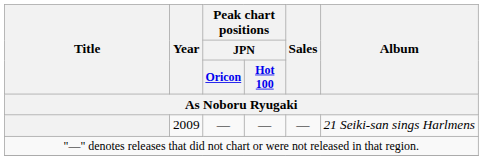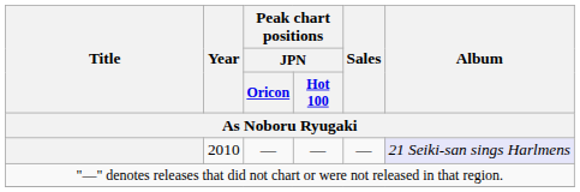 <table class="wikitable plainrowheaders" style="text-align:center;">
 <tr>
 <th scope="col" rowspan="3" style="width:12em;">Title</th>
 <th scope="col" rowspan="3">Year</th>
 <th scope="col" colspan="2">Peak chart positions</th>
 <th scope="col" rowspan="3">Sales</th>
 <th scope="col" rowspan="3">Album</th>
 </tr>
 <tr>
 <th scope="col" style="width:3em;font-size:90%;" colspan="2">JPN</th>
 </tr>
 <tr>
 <th scope="col" style="width:3em;font-size:90%;"><a href='#'>Oricon</a></th>
 <th scope="col" style="width:3em;font-size:90%;"><a href='#'>Hot 100</a></th>
 </tr>
 <tr>
 <th scope="col" colspan="6">As Noboru Ryugaki</th>
 </tr>
 <tr>
 <th scope="row"><br></th>
-<td>2009</td>
+<td>2010</td>
 <td>—</td>
 <td>—</td>
 <td>—</td>
-<td><em>21 Seiki-san sings Harlmens</em></td>
+<td style="background: lavender;"><em>21 Seiki-san sings Harlmens</em></td>
 </tr>
 <tr>
 <td colspan="6" style="font-size:90%;">"—" denotes releases that did not chart or were not released in that region.</td>
 </tr>
 <tr>
 </tr>
 </table>
